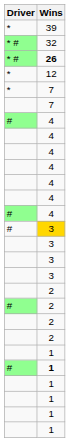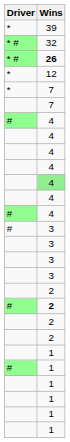 <table class="wikitable sortable" style="margin-top:0; text-align:center; font-size:90%;">
 <tr>
 <th>Driver</th>
 <th valign="bottom">Wins</th>
 </tr>
 <tr>
 <td style="text-align:left;"> *</td>
 <td>39</td>
 </tr>
 <tr>
 <td style="text-align:left; background:#90ff90;"> * #</td>
 <td>32</td>
 </tr>
 <tr>
 <td style="text-align:left; background:#90ff90;"> * #</td>
 <td><strong>26</strong></td>
 </tr>
 <tr>
 <td style="text-align:left;"> *</td>
 <td>12</td>
 </tr>
 <tr>
 <td style="text-align:left;"> *</td>
 <td>7</td>
 </tr>
 <tr>
 <td style="text-align:left;"></td>
 <td>7</td>
 </tr>
 <tr>
 <td style="text-align:left; background:#90ff90;"> #</td>
 <td>4</td>
 </tr>
 <tr>
 <td style="text-align:left;"></td>
 <td>4</td>
 </tr>
 <tr>
 <td style="text-align:left;"></td>
 <td>4</td>
 </tr>
 <tr>
 <td style="text-align:left;"></td>
 <td>4</td>
 </tr>
 <tr>
 <td style="text-align:left;"></td>
-<td>4</td>
+<td style="background: lightgreen;">4</td>
 </tr>
 <tr>
 <td style="text-align:left;"></td>
 <td>4</td>
 </tr>
 <tr>
 <td style="text-align:left; background:#90ff90;"> #</td>
 <td>4</td>
 </tr>
 <tr>
 <td style="text-align:left;"> #</td>
-<td style="background: gold;">3</td>
+<td>3</td>
 </tr>
 <tr>
 <td style="text-align:left;"></td>
 <td>3</td>
 </tr>
 <tr>
 <td style="text-align:left;"></td>
 <td>3</td>
 </tr>
 <tr>
 <td style="text-align:left;"></td>
 <td>3</td>
 </tr>
 <tr>
 <td style="text-align:left;"></td>
 <td>2</td>
 </tr>
 <tr>
 <td style="text-align:left; background:#90ff90;"> #</td>
-<td>2</td>
+<td><strong>2</strong></td>
 </tr>
 <tr>
 <td style="text-align:left;"></td>
 <td>2</td>
 </tr>
 <tr>
 <td style="text-align:left;"></td>
 <td>2</td>
 </tr>
 <tr>
 <td style="text-align:left;"></td>
 <td>1</td>
 </tr>
 <tr>
 <td style="text-align:left; background:#90ff90;"> #</td>
-<td><strong>1</strong></td>
+<td>1</td>
 </tr>
 <tr>
 <td style="text-align:left;"></td>
 <td>1</td>
 </tr>
 <tr>
 <td style="text-align:left;"></td>
 <td>1</td>
 </tr>
 <tr>
 <td style="text-align:left;"></td>
 <td>1</td>
 </tr>
 <tr>
 <td style="text-align:left;"></td>
 <td>1</td>
 </tr>
 </table>
